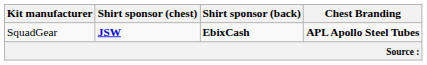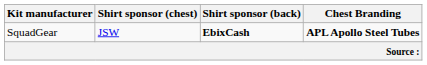 <table class="wikitable"  style="font-size:85%;">
 <tr>
 <th>Kit manufacturer</th>
 <th>Shirt sponsor (chest)</th>
 <th>Shirt sponsor (back)</th>
 <th>Chest Branding</th>
 </tr>
 <tr>
 <td>SquadGear</td>
-<td><strong><a href='#'>JSW</a></strong></td>
+<td><a href='#'>JSW</a></td>
 <td><strong>EbixCash</strong></td>
 <td><strong>APL Apollo Steel Tubes</strong></td>
 </tr>
 <tr>
 <th colspan="4" style="text-align:right;"><small> Source :</small></th>
 </tr>
 </table>
